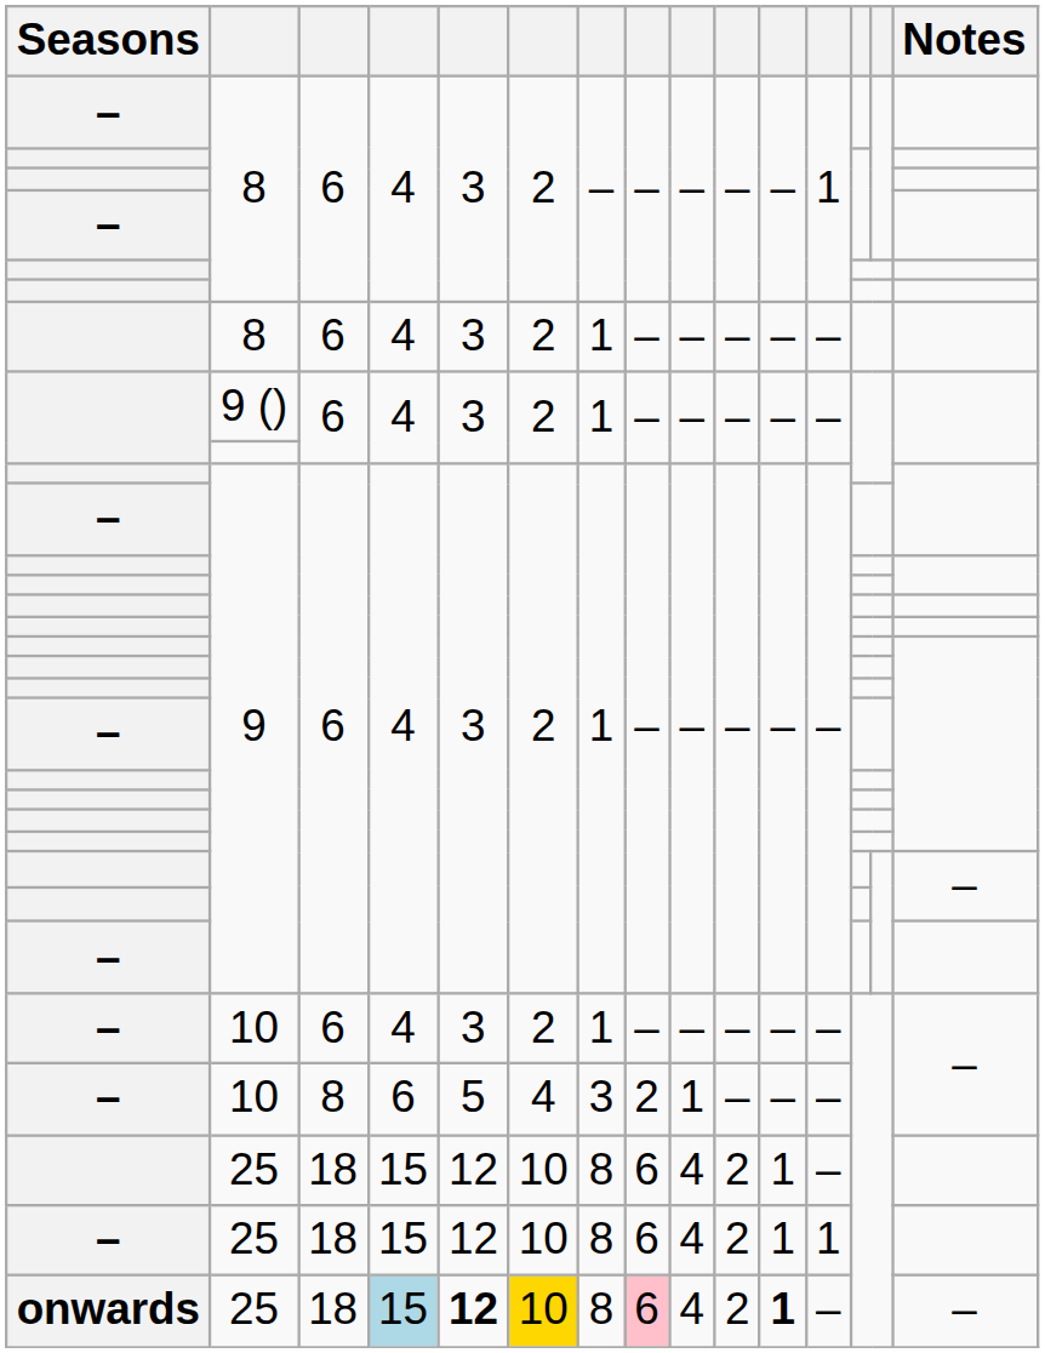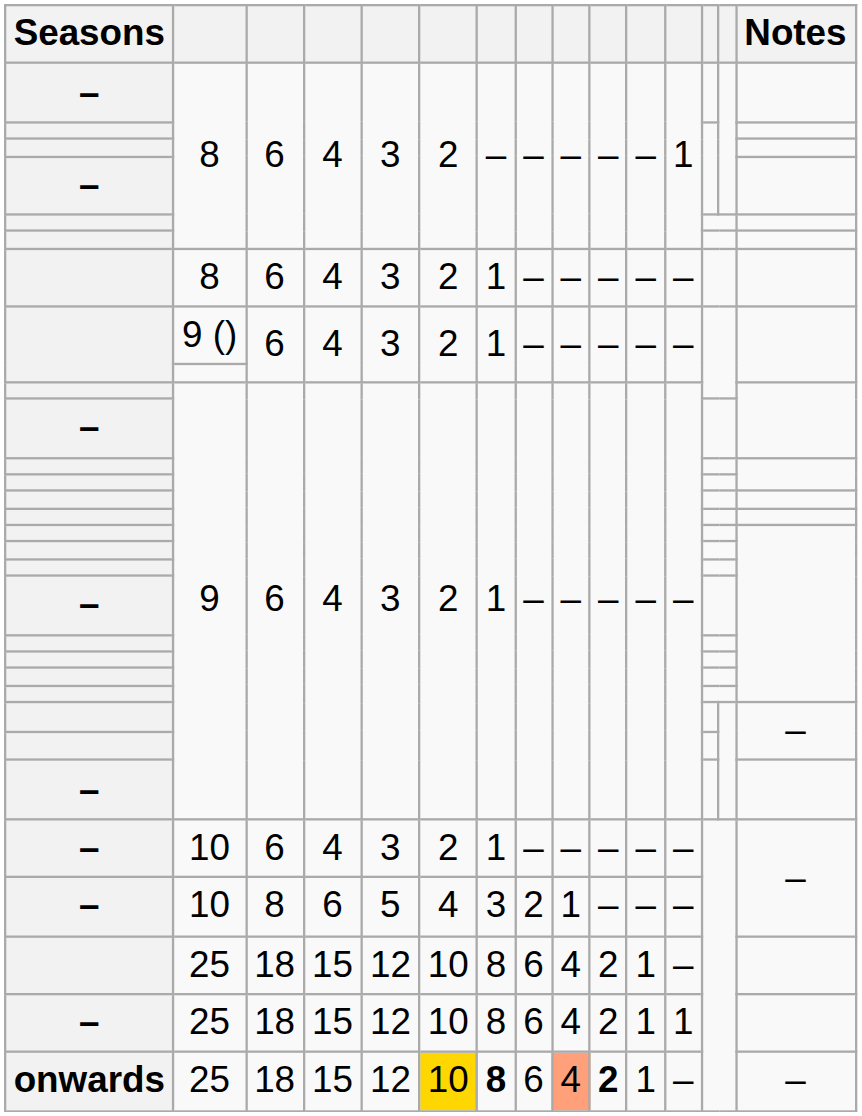 <table class="wikitable plainrowheaders sortable" style="text-align:center">
 <tr>
 <th scope="col">Seasons</th>
 <th scope="col"></th>
 <th scope="col"></th>
 <th scope="col"></th>
 <th scope="col"></th>
 <th scope="col"></th>
 <th scope="col"></th>
 <th scope="col"></th>
 <th scope="col"></th>
 <th scope="col"></th>
 <th scope="col"></th>
 <th scope="col"></th>
 <th scope="col"></th>
 <th scope="col"></th>
 <th scope="col">Notes</th>
 </tr>
 <tr>
 <th scope="row" style="text-align:center">–</th>
 <td rowspan="6">8</td>
 <td rowspan="6">6</td>
 <td rowspan="6">4</td>
 <td rowspan="6">3</td>
 <td rowspan="6">2</td>
 <td rowspan="6">–</td>
 <td rowspan="6">–</td>
 <td rowspan="6">–</td>
 <td rowspan="6">–</td>
 <td rowspan="6">–</td>
 <td rowspan="6">1</td>
 <td data-sort-value="4"></td>
 <td data-sort-value="4" rowspan="4"></td>
 <td></td>
 </tr>
 <tr>
 <th scope="row" style="text-align:center"></th>
 <td data-sort-value="4" rowspan="3"></td>
 <td></td>
 </tr>
 <tr>
 <th scope="row" style="text-align:center"></th>
 <td></td>
 </tr>
 <tr>
 <th scope="row" style="text-align:center">–</th>
 <td></td>
 </tr>
 <tr>
 <th scope="row" style="text-align:center"></th>
 <td data-sort-value="6" colspan=2></td>
 <td></td>
 </tr>
 <tr>
 <th scope="row" style="text-align:center"></th>
 <td data-sort-value="5" colspan=2></td>
 <td></td>
 </tr>
 <tr>
 <th scope="row" style="text-align:center"></th>
 <td>8</td>
 <td>6</td>
 <td>4</td>
 <td>3</td>
 <td>2</td>
 <td>1</td>
 <td>–</td>
 <td>–</td>
 <td>–</td>
 <td>–</td>
 <td>–</td>
 <td data-sort-value="6" colspan=2></td>
 <td></td>
 </tr>
 <tr>
 <th scope="row" style="text-align:center" rowspan="2"></th>
 <td>9 ()</td>
 <td rowspan="2">6</td>
 <td rowspan="2">4</td>
 <td rowspan="2">3</td>
 <td rowspan="2">2</td>
 <td rowspan="2">1</td>
 <td rowspan="2">–</td>
 <td rowspan="2">–</td>
 <td rowspan="2">–</td>
 <td rowspan="2">–</td>
 <td rowspan="2">–</td>
 <td data-sort-value="5" colspan="2"  rowspan="3"></td>
 <td rowspan="2"></td>
 </tr>
 <tr>
 <td></td>
 </tr>
 <tr>
 <th scope="row" style="text-align:center"></th>
 <td rowspan="17">9</td>
 <td rowspan="17">6</td>
 <td rowspan="17">4</td>
 <td rowspan="17">3</td>
 <td rowspan="17">2</td>
 <td rowspan="17">1</td>
 <td rowspan="17">–</td>
 <td rowspan="17">–</td>
 <td rowspan="17">–</td>
 <td rowspan="17">–</td>
 <td rowspan="17">–</td>
 <td rowspan="2"></td>
 </tr>
 <tr>
 <th scope="row" style="text-align:center">–</th>
 <td data-sort-value="6" colspan="2"></td>
 </tr>
 <tr>
 <th scope="row" style="text-align:center"></th>
 <td data-sort-value="5" colspan=2></td>
 <td rowspan="2"></td>
 </tr>
 <tr>
 <th scope="row" style="text-align:center"></th>
 <td data-sort-value="9" colspan=2></td>
 </tr>
 <tr>
 <th scope="row" style="text-align:center"></th>
 <td data-sort-value="10" colspan=2></td>
 <td></td>
 </tr>
 <tr>
 <th scope="row" style="text-align:center"></th>
 <td data-sort-value="9" colspan=2></td>
 <td></td>
 </tr>
 <tr>
 <th scope="row" style="text-align:center"></th>
 <td data-sort-value="11" colspan=2></td>
 <td rowspan="8"></td>
 </tr>
 <tr>
 <th scope="row" style="text-align:center"></th>
 <td data-sort-value="9" colspan=2></td>
 </tr>
 <tr>
 <th scope="row" style="text-align:center"></th>
 <td data-sort-value="10" colspan=2></td>
 </tr>
 <tr>
 <th scope="row" style="text-align:center">–</th>
 <td data-sort-value="13" colspan=2></td>
 </tr>
 <tr>
 <th scope="row" style="text-align:center"></th>
 <td data-sort-value="12" colspan=2></td>
 </tr>
 <tr>
 <th scope="row" style="text-align:center"></th>
 <td data-sort-value="14" colspan=2></td>
 </tr>
 <tr>
 <th scope="row" style="text-align:center"></th>
 <td data-sort-value="15" colspan=2></td>
 </tr>
 <tr>
 <th scope="row" style="text-align:center"></th>
 <td data-sort-value="14" colspan=2></td>
 </tr>
 <tr>
 <th scope="row" style="text-align:center"></th>
 <td data-sort-value="8"></td>
 <td rowspan="3" data-sort-value="16"></td>
 <td rowspan="2">–</td>
 </tr>
 <tr>
 <th scope="row" style="text-align:center"></th>
 <td data-sort-value="10"></td>
 </tr>
 <tr>
 <th scope="row" style="text-align:center">–</th>
 <td data-sort-value="11"></td>
 <td></td>
 </tr>
 <tr>
 <th scope="row" style="text-align:center">–</th>
 <td>10</td>
 <td>6</td>
 <td>4</td>
 <td>3</td>
 <td>2</td>
 <td>1</td>
 <td>–</td>
 <td>–</td>
 <td>–</td>
 <td>–</td>
 <td>–</td>
 <td colspan="2" rowspan="5" data-sort-value="16"></td>
 <td rowspan="2">–</td>
 </tr>
 <tr>
 <th scope="row" style="text-align:center">–</th>
 <td>10</td>
 <td>8</td>
 <td>6</td>
 <td>5</td>
 <td>4</td>
 <td>3</td>
 <td>2</td>
 <td>1</td>
 <td>–</td>
 <td>–</td>
 <td>–</td>
 </tr>
 <tr>
 <th scope="row" style="text-align:center"></th>
 <td>25</td>
 <td>18</td>
 <td>15</td>
 <td>12</td>
 <td>10</td>
 <td>8</td>
 <td>6</td>
 <td>4</td>
 <td>2</td>
 <td>1</td>
 <td>–</td>
 <td></td>
 </tr>
 <tr>
 <th scope="row" style="text-align:center">–</th>
 <td>25</td>
 <td>18</td>
 <td>15</td>
 <td>12</td>
 <td>10</td>
 <td>8</td>
 <td>6</td>
 <td>4</td>
 <td>2</td>
 <td>1</td>
 <td>1</td>
 <td></td>
 </tr>
 <tr>
 <th scope="row" style="text-align:center"> onwards</th>
 <td>25</td>
 <td>18</td>
-<td style="background: lightblue;">15</td>
-<td><strong>12</strong></td>
+<td>15</td>
+<td>12</td>
 <td style="background: gold;">10</td>
-<td>8</td>
-<td style="background: pink;">6</td>
-<td>4</td>
-<td>2</td>
-<td><strong>1</strong></td>
+<td><strong>8</strong></td>
+<td>6</td>
+<td style="background: lightsalmon;">4</td>
+<td><strong>2</strong></td>
+<td>1</td>
 <td>–</td>
 <td>–</td>
 </tr>
 </table>
